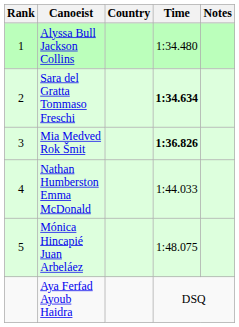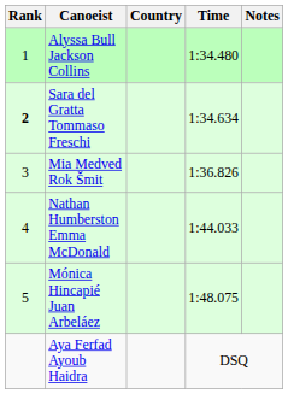 <table class="wikitable" style="text-align:center;width: 50%">
 <tr>
 <th>Rank</th>
 <th>Canoeist</th>
 <th>Country</th>
 <th>Time</th>
 <th>Notes</th>
 </tr>
 <tr bgcolor=bbffbb>
 <td>1</td>
 <td align="left"><a href='#'>Alyssa Bull</a><br><a href='#'>Jackson Collins</a></td>
 <td align="left"></td>
 <td>1:34.480</td>
 <td></td>
 </tr>
 <tr bgcolor=ddffdd>
-<td>2</td>
+<td><strong>2</strong></td>
 <td align="left"><a href='#'>Sara del Gratta</a><br><a href='#'>Tommaso Freschi</a></td>
 <td align="left"></td>
-<td><strong>1:34.634</strong></td>
+<td>1:34.634</td>
 <td></td>
 </tr>
 <tr bgcolor=ddffdd>
 <td>3</td>
 <td align="left"><a href='#'>Mia Medved</a><br><a href='#'>Rok Šmit</a></td>
 <td align="left"></td>
-<td><strong>1:36.826</strong></td>
+<td>1:36.826</td>
 <td></td>
 </tr>
 <tr bgcolor=ddffdd>
 <td>4</td>
 <td align="left"><a href='#'>Nathan Humberston</a><br><a href='#'>Emma McDonald</a></td>
 <td align="left"></td>
 <td>1:44.033</td>
 <td></td>
 </tr>
 <tr bgcolor=ddffdd>
 <td>5</td>
 <td align="left"><a href='#'>Mónica Hincapié</a><br><a href='#'>Juan Arbeláez</a></td>
 <td align="left"></td>
 <td>1:48.075</td>
 <td></td>
 </tr>
 <tr>
 <td></td>
 <td align="left"><a href='#'>Aya Ferfad</a><br><a href='#'>Ayoub Haidra</a></td>
 <td align="left"></td>
 <td colspan=2>DSQ</td>
 </tr>
 </table>
